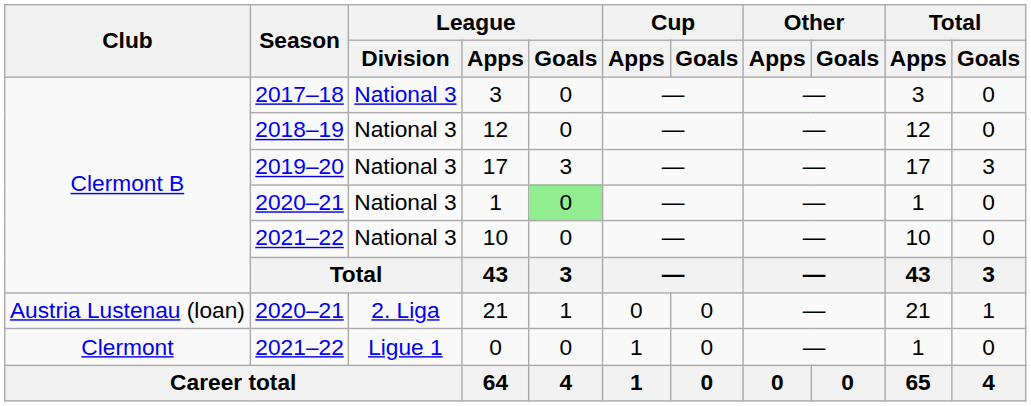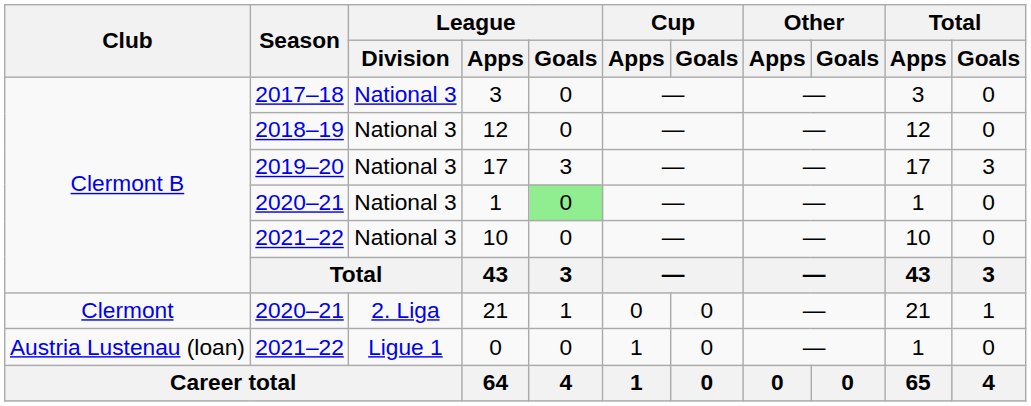 <table class="wikitable" style="text-align:center">
 <tr>
 <th rowspan="2">Club</th>
 <th rowspan="2">Season</th>
 <th colspan="3">League</th>
 <th colspan="2">Cup</th>
 <th colspan="2">Other</th>
 <th colspan="2">Total</th>
 </tr>
 <tr>
 <th>Division</th>
 <th>Apps</th>
 <th>Goals</th>
 <th>Apps</th>
 <th>Goals</th>
 <th>Apps</th>
 <th>Goals</th>
 <th>Apps</th>
 <th>Goals</th>
 </tr>
 <tr>
 <td rowspan="6"><a href='#'>Clermont B</a></td>
 <td><a href='#'>2017–18</a></td>
 <td><a href='#'>National 3</a></td>
 <td>3</td>
 <td>0</td>
 <td colspan="2">—</td>
 <td colspan="2">—</td>
 <td>3</td>
 <td>0</td>
 </tr>
 <tr>
 <td><a href='#'>2018–19</a></td>
 <td>National 3</td>
 <td>12</td>
 <td>0</td>
 <td colspan="2">—</td>
 <td colspan="2">—</td>
 <td>12</td>
 <td>0</td>
 </tr>
 <tr>
 <td><a href='#'>2019–20</a></td>
 <td>National 3</td>
 <td>17</td>
 <td>3</td>
 <td colspan="2">—</td>
 <td colspan="2">—</td>
 <td>17</td>
 <td>3</td>
 </tr>
 <tr>
 <td><a href='#'>2020–21</a></td>
 <td>National 3</td>
 <td>1</td>
 <td style="background: lightgreen;">0</td>
 <td colspan="2">—</td>
 <td colspan="2">—</td>
 <td>1</td>
 <td>0</td>
 </tr>
 <tr>
 <td><a href='#'>2021–22</a></td>
 <td>National 3</td>
 <td>10</td>
 <td>0</td>
 <td colspan="2">—</td>
 <td colspan="2">—</td>
 <td>10</td>
 <td>0</td>
 </tr>
 <tr>
 <th colspan="2">Total</th>
 <th>43</th>
 <th>3</th>
 <th colspan="2">—</th>
 <th colspan="2">—</th>
 <th>43</th>
 <th>3</th>
 </tr>
 <tr>
-<td><a href='#'>Austria Lustenau</a> (loan)</td>
+<td><a href='#'>Clermont</a></td>
 <td><a href='#'>2020–21</a></td>
 <td><a href='#'>2. Liga</a></td>
 <td>21</td>
 <td>1</td>
 <td>0</td>
 <td>0</td>
 <td colspan="2">—</td>
 <td>21</td>
 <td>1</td>
 </tr>
 <tr>
-<td><a href='#'>Clermont</a></td>
+<td><a href='#'>Austria Lustenau</a> (loan)</td>
 <td><a href='#'>2021–22</a></td>
 <td><a href='#'>Ligue 1</a></td>
 <td>0</td>
 <td>0</td>
 <td>1</td>
 <td>0</td>
 <td colspan="2">—</td>
 <td>1</td>
 <td>0</td>
 </tr>
 <tr>
 <th colspan="3">Career total</th>
 <th>64</th>
 <th>4</th>
 <th>1</th>
 <th>0</th>
 <th>0</th>
 <th>0</th>
 <th>65</th>
 <th>4</th>
 </tr>
 </table>
